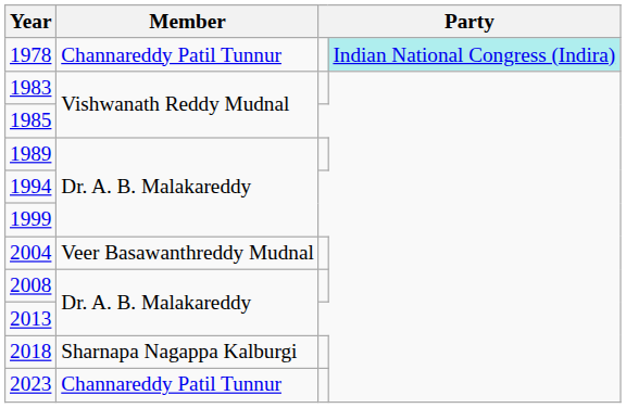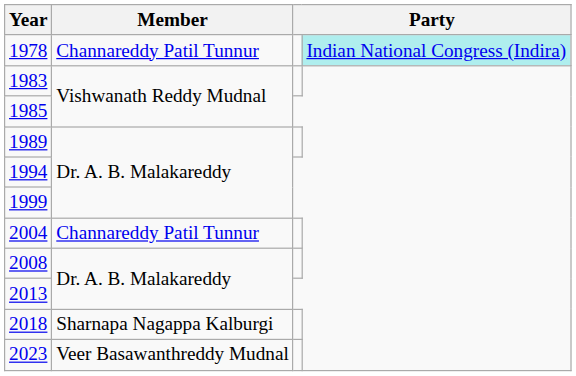 <table class="wikitable sortable">
 <tr>
 <th>Year</th>
 <th>Member</th>
 <th colspan=2>Party</th>
 </tr>
 <tr>
 <td><a href='#'>1978</a></td>
 <td><a href='#'>Channareddy Patil Tunnur</a></td>
 <td style="background-color: "></td>
 <td style="background: paleturquoise;"><a href='#'>Indian National Congress (Indira)</a></td>
 </tr>
 <tr>
 <td><a href='#'>1983</a></td>
 <td rowspan=2>Vishwanath Reddy Mudnal</td>
 <td></td>
 </tr>
 <tr>
 <td><a href='#'>1985</a></td>
 </tr>
 <tr>
 <td><a href='#'>1989</a></td>
 <td rowspan=3>Dr. A. B. Malakareddy</td>
 <td></td>
 </tr>
 <tr>
 <td><a href='#'>1994</a></td>
 </tr>
 <tr>
 <td><a href='#'>1999</a></td>
 </tr>
 <tr>
 <td><a href='#'>2004</a></td>
-<td>Veer Basawanthreddy Mudnal</td>
+<td><a href='#'>Channareddy Patil Tunnur</a></td>
 <td></td>
 </tr>
 <tr>
 <td><a href='#'>2008</a></td>
 <td rowspan=2>Dr. A. B. Malakareddy</td>
 <td></td>
 </tr>
 <tr>
 <td><a href='#'>2013</a></td>
 </tr>
 <tr>
 <td><a href='#'>2018</a></td>
 <td>Sharnapa Nagappa Kalburgi</td>
 <td></td>
 </tr>
 <tr>
 <td><a href='#'>2023</a></td>
-<td><a href='#'>Channareddy Patil Tunnur</a></td>
+<td>Veer Basawanthreddy Mudnal</td>
 <td></td>
 </tr>
 </table>
